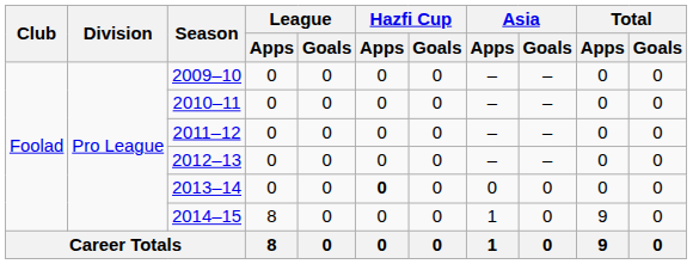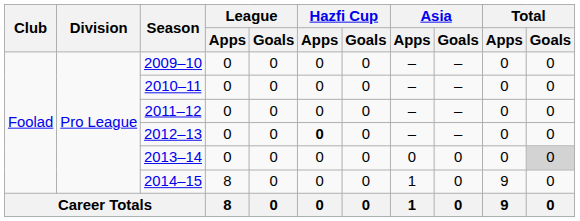 <table class="wikitable" style="text-align: center;">
 <tr>
 <th rowspan="2">Club</th>
 <th rowspan="2">Division</th>
 <th rowspan="2">Season</th>
 <th colspan="2">League</th>
 <th colspan="2"><a href='#'>Hazfi Cup</a></th>
 <th colspan="2"><a href='#'>Asia</a></th>
 <th colspan="2">Total</th>
 </tr>
 <tr>
 <th>Apps</th>
 <th>Goals</th>
 <th>Apps</th>
 <th>Goals</th>
 <th>Apps</th>
 <th>Goals</th>
 <th>Apps</th>
 <th>Goals</th>
 </tr>
 <tr>
 <td rowspan="6"><a href='#'>Foolad</a></td>
 <td rowspan="6"><a href='#'>Pro League</a></td>
 <td><a href='#'>2009–10</a></td>
 <td>0</td>
 <td>0</td>
 <td>0</td>
 <td>0</td>
 <td>–</td>
 <td>–</td>
 <td>0</td>
 <td>0</td>
 </tr>
 <tr>
 <td><a href='#'>2010–11</a></td>
 <td>0</td>
 <td>0</td>
 <td>0</td>
 <td>0</td>
 <td>–</td>
 <td>–</td>
 <td>0</td>
 <td>0</td>
 </tr>
 <tr>
 <td><a href='#'>2011–12</a></td>
 <td>0</td>
 <td>0</td>
 <td>0</td>
 <td>0</td>
 <td>–</td>
 <td>–</td>
 <td>0</td>
 <td>0</td>
 </tr>
 <tr>
 <td><a href='#'>2012–13</a></td>
 <td>0</td>
 <td>0</td>
-<td>0</td>
+<td><strong>0</strong></td>
 <td>0</td>
 <td>–</td>
 <td>–</td>
 <td>0</td>
 <td>0</td>
 </tr>
 <tr>
 <td><a href='#'>2013–14</a></td>
 <td>0</td>
 <td>0</td>
-<td><strong>0</strong></td>
 <td>0</td>
 <td>0</td>
 <td>0</td>
 <td>0</td>
 <td>0</td>
+<td style="background: lightgrey;">0</td>
 </tr>
 <tr>
 <td><a href='#'>2014–15</a></td>
 <td>8</td>
 <td>0</td>
 <td>0</td>
 <td>0</td>
 <td>1</td>
 <td>0</td>
 <td>9</td>
 <td>0</td>
 </tr>
 <tr>
 <th colspan=3>Career Totals</th>
 <th>8</th>
 <th>0</th>
 <th>0</th>
 <th>0</th>
 <th>1</th>
 <th>0</th>
 <th>9</th>
 <th>0</th>
 </tr>
 </table>
